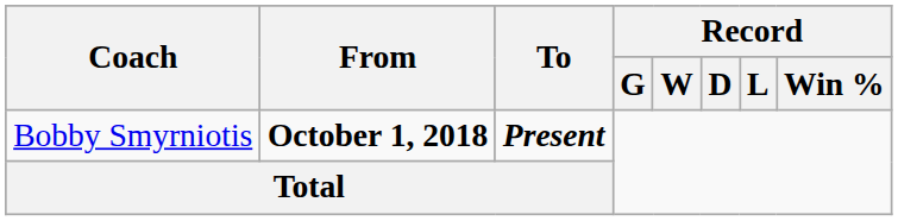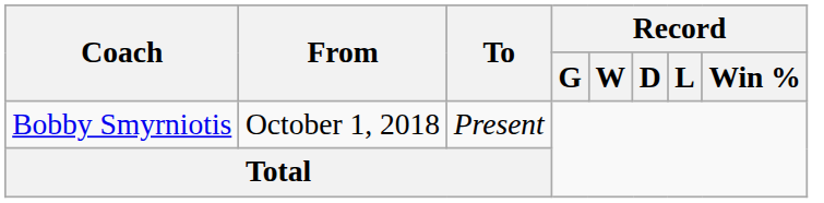 <table class="wikitable sortable" style="text-align: center">
 <tr>
 <th rowspan="2">Coach</th>
 <th rowspan="2">From</th>
 <th rowspan="2">To</th>
 <th colspan="6">Record</th>
 </tr>
 <tr>
 <th>G</th>
 <th>W</th>
 <th>D</th>
 <th>L</th>
 <th>Win %</th>
 </tr>
 <tr>
 <td align=left> <a href='#'>Bobby Smyrniotis</a></td>
-<td align=left><strong>October 1, 2018</strong></td>
-<td align=left><strong><em>Present</em><br></strong></td>
+<td align=left>October 1, 2018</td>
+<td align=left><em>Present</em><br></td>
 </tr>
 <tr>
 <th colspan="3">Total<br></th>
 </tr>
 </table>
